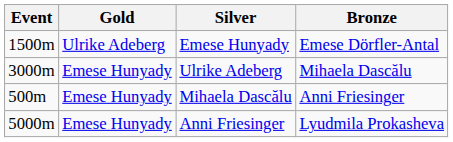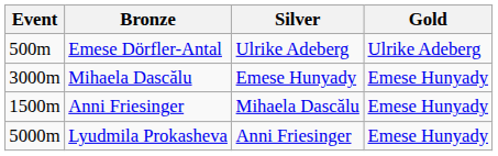 <table class="wikitable">
 <tr>
 <th>Event</th>
+<th>Bronze<br></th>
+<th>Silver<br></th>
 <th>Gold<br></th>
-<th>Silver<br></th>
-<th>Bronze<br></th>
+</tr>
+<tr>
+<td>500m</td>
+<td><a href='#'>Emese Dörfler-Antal</a></td>
+<td><a href='#'>Ulrike Adeberg</a></td>
+<td><a href='#'>Ulrike Adeberg</a></td>
+</tr>
+<tr>
+<td>3000m</td>
+<td><a href='#'>Mihaela Dascălu</a></td>
+<td><a href='#'>Emese Hunyady</a></td>
+<td><a href='#'>Emese Hunyady</a></td>
 </tr>
 <tr>
 <td>1500m</td>
-<td><a href='#'>Ulrike Adeberg</a></td>
+<td><a href='#'>Anni Friesinger</a></td>
+<td><a href='#'>Mihaela Dascălu</a></td>
 <td><a href='#'>Emese Hunyady</a></td>
-<td><a href='#'>Emese Dörfler-Antal</a></td>
-</tr>
-<tr>
-<td>3000m</td>
-<td><a href='#'>Emese Hunyady</a></td>
-<td><a href='#'>Ulrike Adeberg</a></td>
-<td><a href='#'>Mihaela Dascălu</a></td>
-</tr>
-<tr>
-<td>500m</td>
-<td><a href='#'>Emese Hunyady</a></td>
-<td><a href='#'>Mihaela Dascălu</a></td>
-<td><a href='#'>Anni Friesinger</a></td>
 </tr>
 <tr>
 <td>5000m</td>
+<td><a href='#'>Lyudmila Prokasheva</a></td>
+<td><a href='#'>Anni Friesinger</a></td>
 <td><a href='#'>Emese Hunyady</a></td>
-<td><a href='#'>Anni Friesinger</a></td>
-<td><a href='#'>Lyudmila Prokasheva</a></td>
 </tr>
 </table>
